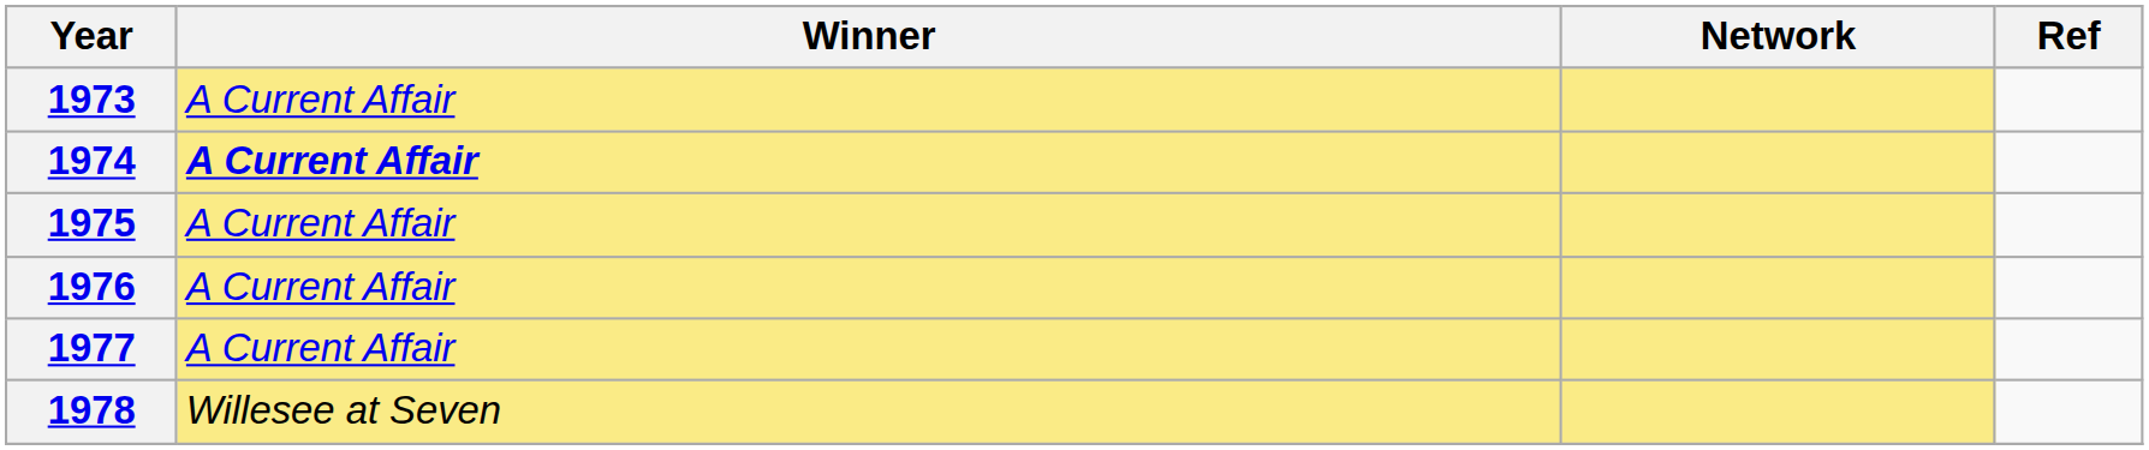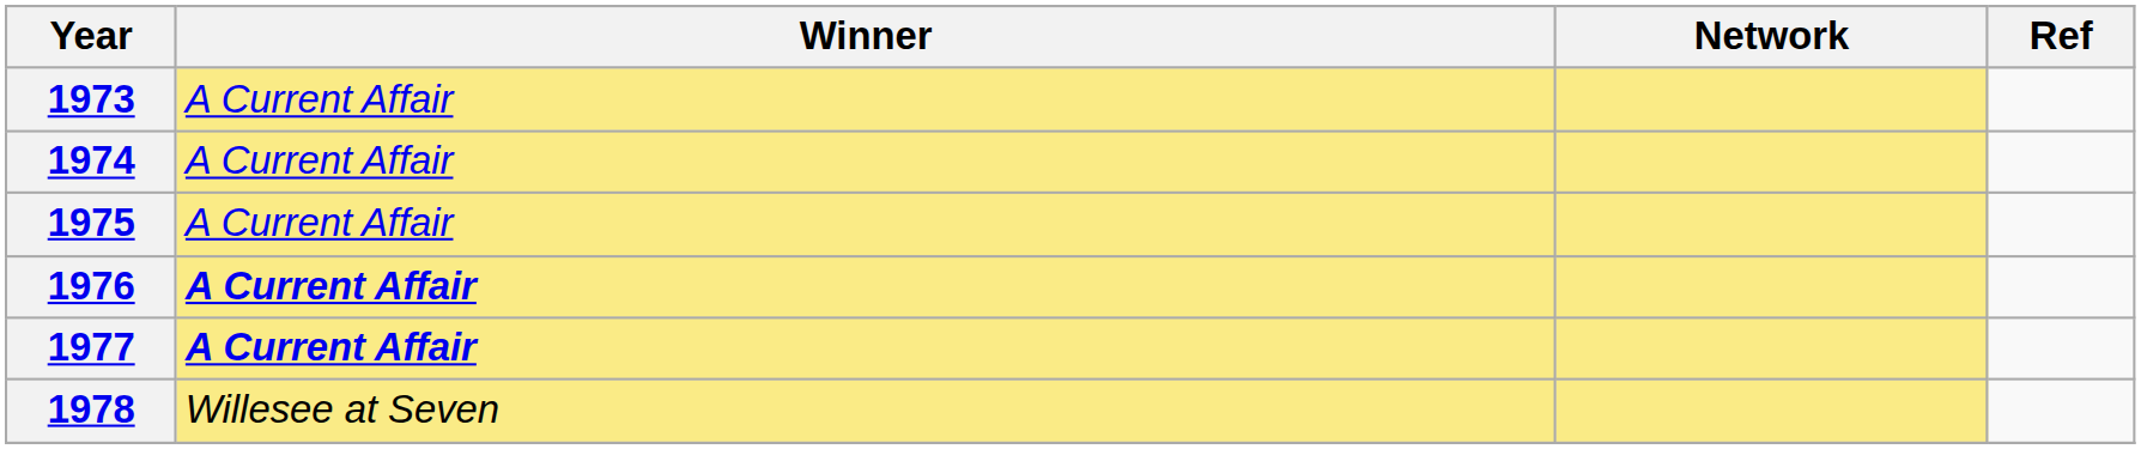 <table class="wikitable sortable">
 <tr style="background:#bebebe;">
 <th scope="col" style="width:1%;">Year</th>
 <th scope="col" style="width:16%;">Winner</th>
 <th scope="col" style="width:4%;">Network</th>
 <th scope="col" style="width:1%;" class="unsortable">Ref</th>
 </tr>
 <tr>
 <th scope="row" style="text-align:center"><a href='#'>1973</a></th>
 <td style="background:#FAEB86"><em><a href='#'>A Current Affair</a></em></td>
 <td style="background:#FAEB86"></td>
 <td></td>
 </tr>
 <tr>
 <th scope="row" style="text-align:center"><a href='#'>1974</a></th>
-<td style="background:#FAEB86"><strong><em><a href='#'>A Current Affair</a></em></strong></td>
+<td style="background:#FAEB86"><em><a href='#'>A Current Affair</a></em></td>
 <td style="background:#FAEB86"></td>
 <td></td>
 </tr>
 <tr>
 <th scope="row" style="text-align:center"><a href='#'>1975</a></th>
 <td style="background:#FAEB86"><em><a href='#'>A Current Affair</a></em></td>
 <td style="background:#FAEB86"></td>
 <td></td>
 </tr>
 <tr>
 <th scope="row" style="text-align:center"><a href='#'>1976</a></th>
-<td style="background:#FAEB86"><em><a href='#'>A Current Affair</a></em></td>
+<td style="background:#FAEB86"><strong><em><a href='#'>A Current Affair</a></em></strong></td>
 <td style="background:#FAEB86"></td>
 <td></td>
 </tr>
 <tr>
 <th scope="row" style="text-align:center"><a href='#'>1977</a></th>
-<td style="background:#FAEB86"><em><a href='#'>A Current Affair</a></em></td>
+<td style="background:#FAEB86"><strong><em><a href='#'>A Current Affair</a></em></strong></td>
 <td style="background:#FAEB86"></td>
 <td></td>
 </tr>
 <tr>
 <th scope="row" style="text-align:center"><a href='#'>1978</a></th>
 <td style="background:#FAEB86"><em>Willesee at Seven</em></td>
 <td style="background:#FAEB86"></td>
 <td></td>
 </tr>
 <tr>
 </tr>
 </table>
